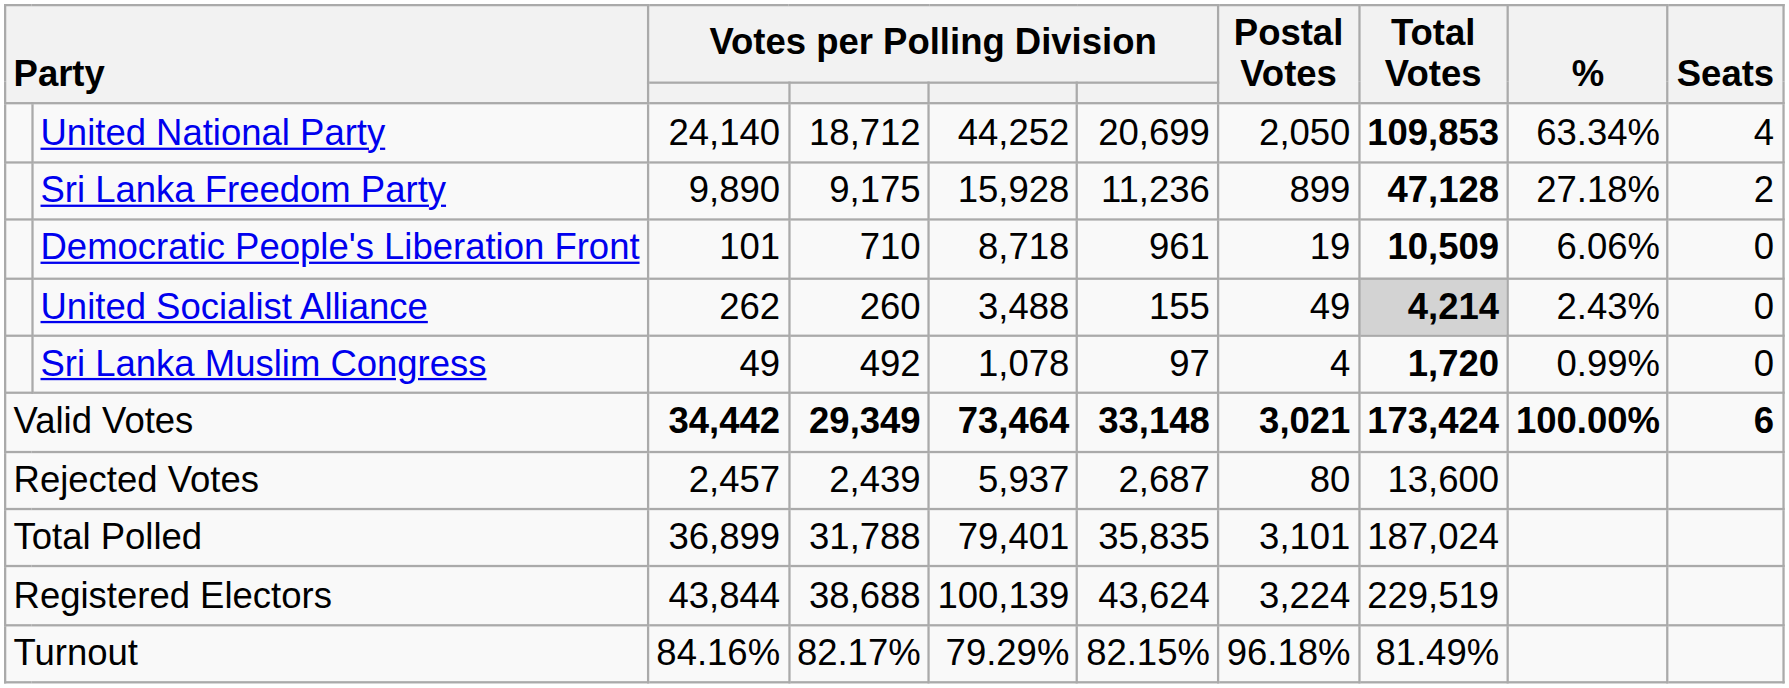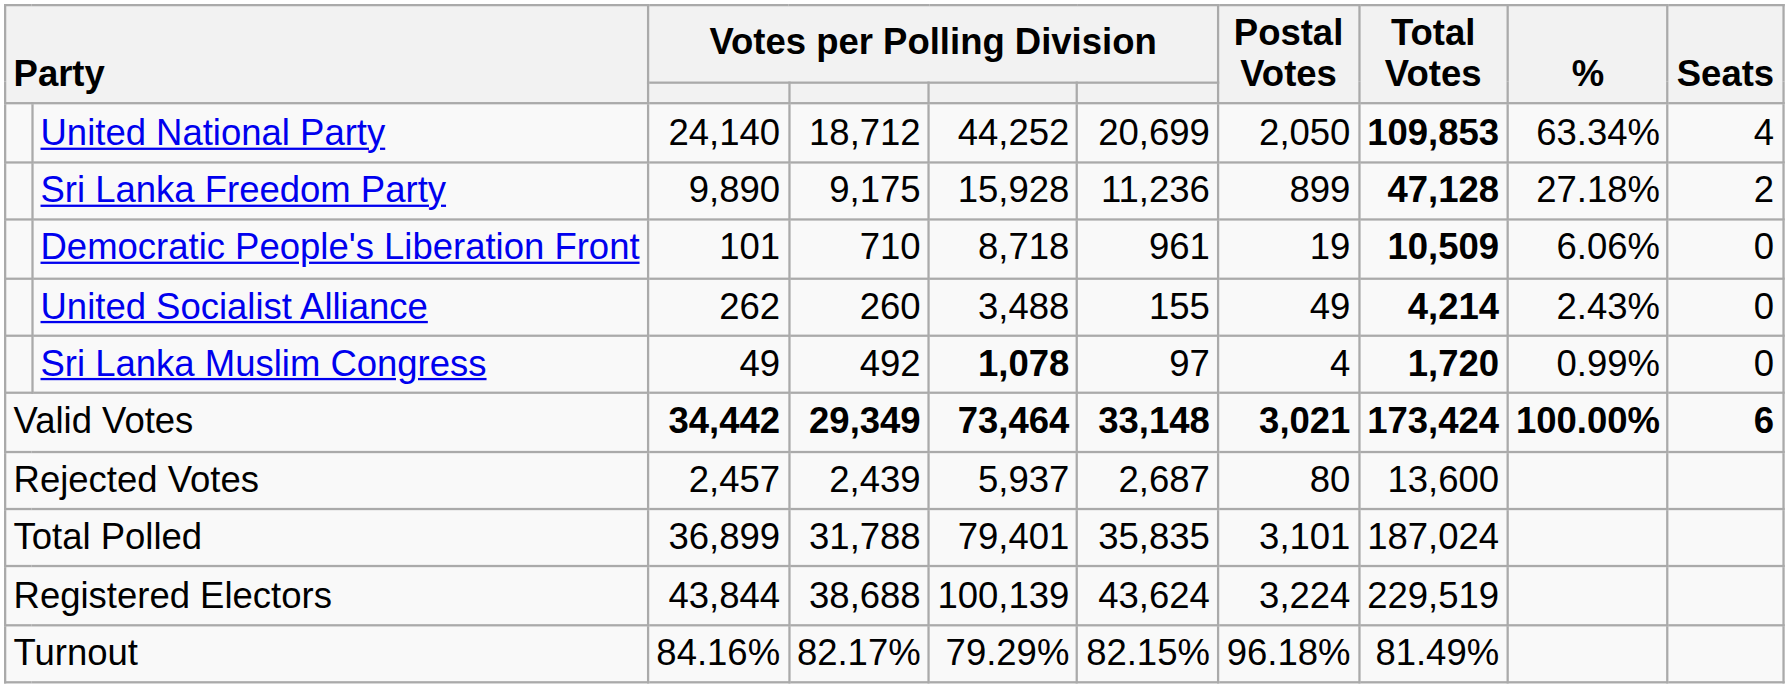 <table class="wikitable" border="1" style="text-align:right;">
 <tr>
 <th style="text-align:left; vertical-align:bottom;" rowspan="2" colspan="2">Party</th>
 <th colspan=4>Votes per Polling Division</th>
 <th rowspan="2" style="vertical-align:bottom; text-align:center; width:50px;">Postal<br>Votes</th>
 <th rowspan="2" style="vertical-align:bottom; text-align:center; width:50px;">Total Votes</th>
 <th rowspan="2" style="vertical-align:bottom; text-align:center; width:50px;">%</th>
 <th rowspan="2" style="vertical-align:bottom; text-align:center; width:40px;">Seats</th>
 </tr>
 <tr>
 <th></th>
 <th></th>
 <th></th>
 <th></th>
 </tr>
 <tr>
 <td bgcolor=> </td>
 <td align=left><a href='#'>United National Party</a></td>
 <td>24,140</td>
 <td>18,712</td>
 <td>44,252</td>
 <td>20,699</td>
 <td>2,050</td>
 <td><strong>109,853</strong></td>
 <td>63.34%</td>
 <td>4</td>
 </tr>
 <tr>
 <td bgcolor=> </td>
 <td align=left><a href='#'>Sri Lanka Freedom Party</a></td>
 <td>9,890</td>
 <td>9,175</td>
 <td>15,928</td>
 <td>11,236</td>
 <td>899</td>
 <td><strong>47,128</strong></td>
 <td>27.18%</td>
 <td>2</td>
 </tr>
 <tr>
 <td bgcolor=> </td>
 <td align=left><a href='#'>Democratic People's Liberation Front</a></td>
 <td>101</td>
 <td>710</td>
 <td>8,718</td>
 <td>961</td>
 <td>19</td>
 <td><strong>10,509</strong></td>
 <td>6.06%</td>
 <td>0</td>
 </tr>
 <tr>
 <td bgcolor=> </td>
 <td align=left><a href='#'>United Socialist Alliance</a></td>
 <td>262</td>
 <td>260</td>
 <td>3,488</td>
 <td>155</td>
 <td>49</td>
-<td style="background: lightgrey;"><strong>4,214</strong></td>
+<td><strong>4,214</strong></td>
 <td>2.43%</td>
 <td>0</td>
 </tr>
 <tr>
 <td bgcolor=> </td>
 <td align=left><a href='#'>Sri Lanka Muslim Congress</a></td>
 <td>49</td>
 <td>492</td>
-<td>1,078</td>
+<td><strong>1,078</strong></td>
 <td>97</td>
 <td>4</td>
 <td><strong>1,720</strong></td>
 <td>0.99%</td>
 <td>0</td>
 </tr>
 <tr>
 <td align=left colspan=2>Valid Votes</td>
 <td><strong>34,442</strong></td>
 <td><strong>29,349</strong></td>
 <td><strong>73,464</strong></td>
 <td><strong>33,148</strong></td>
 <td><strong>3,021</strong></td>
 <td><strong>173,424</strong></td>
 <td><strong>100.00%</strong></td>
 <td><strong>6</strong></td>
 </tr>
 <tr>
 <td align=left colspan=2>Rejected Votes</td>
 <td>2,457</td>
 <td>2,439</td>
 <td>5,937</td>
 <td>2,687</td>
 <td>80</td>
 <td>13,600</td>
 <td></td>
 <td></td>
 </tr>
 <tr>
 <td align=left colspan=2>Total Polled</td>
 <td>36,899</td>
 <td>31,788</td>
 <td>79,401</td>
 <td>35,835</td>
 <td>3,101</td>
 <td>187,024</td>
 <td></td>
 <td></td>
 </tr>
 <tr>
 <td align=left colspan=2>Registered Electors</td>
 <td>43,844</td>
 <td>38,688</td>
 <td>100,139</td>
 <td>43,624</td>
 <td>3,224</td>
 <td>229,519</td>
 <td></td>
 <td></td>
 </tr>
 <tr>
 <td align=left colspan=2>Turnout</td>
 <td>84.16%</td>
 <td>82.17%</td>
 <td>79.29%</td>
 <td>82.15%</td>
 <td>96.18%</td>
 <td>81.49%</td>
 <td></td>
 <td></td>
 </tr>
 </table>
